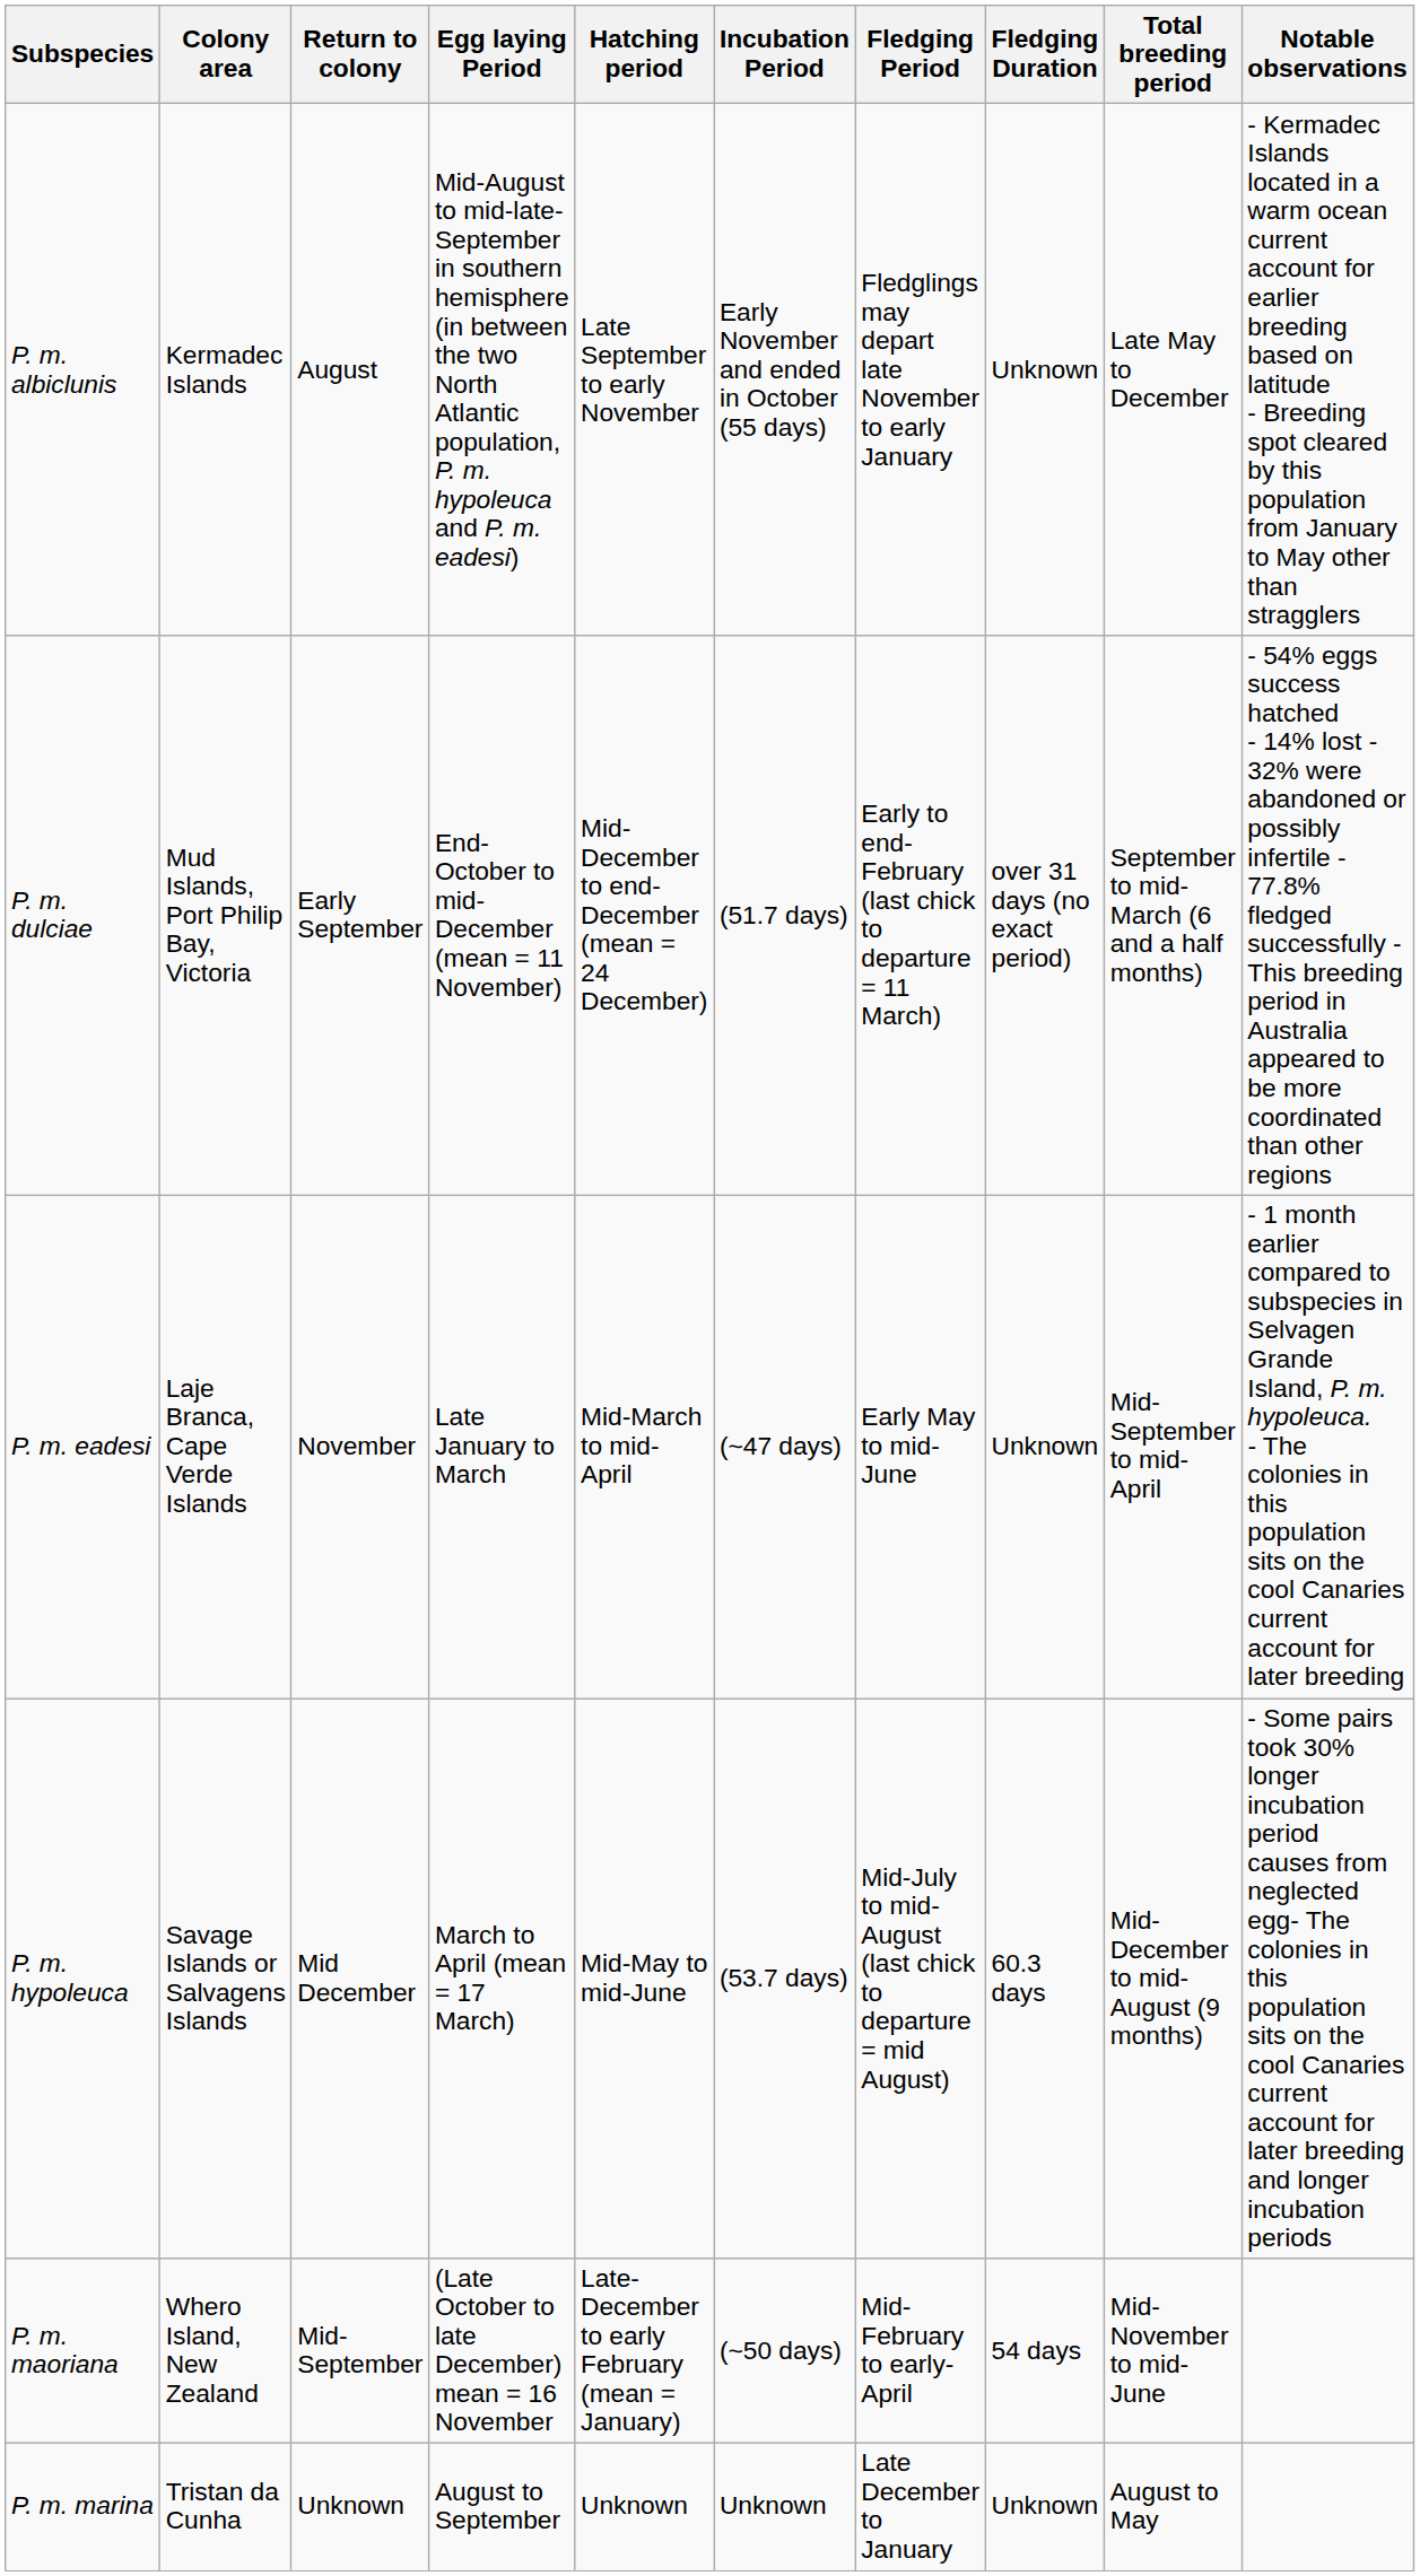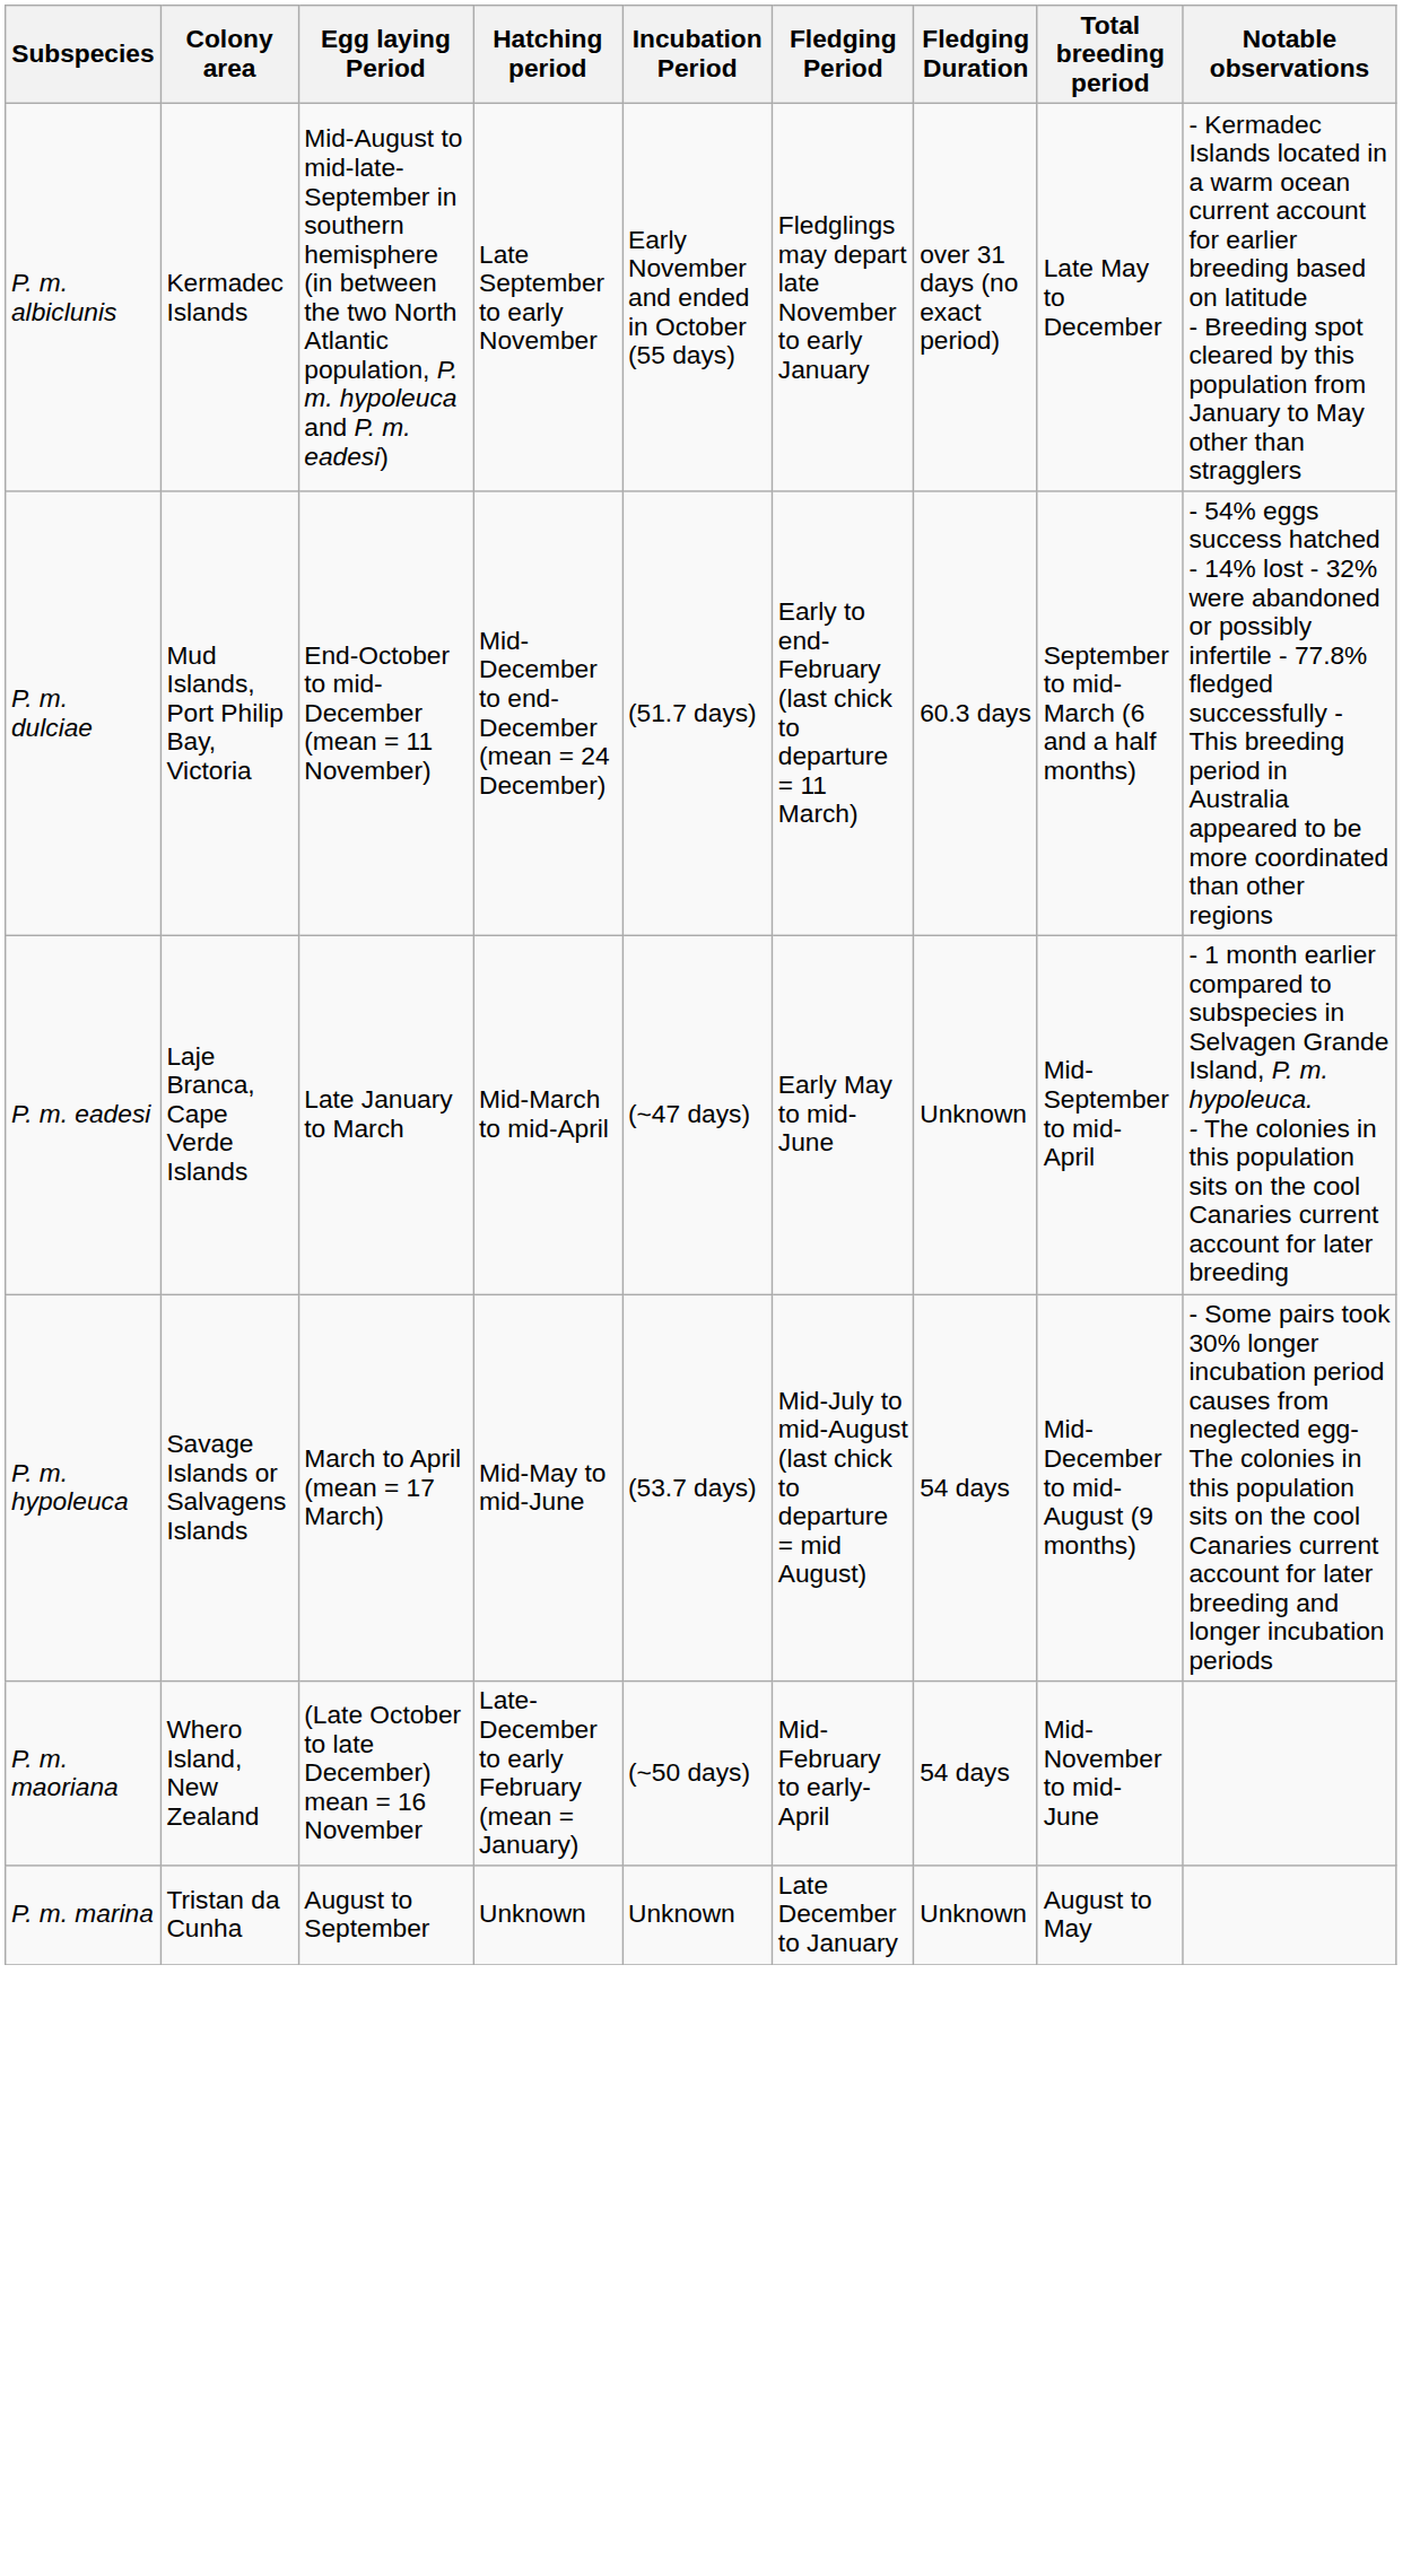 <table class="wikitable">
 <tr>
 <th>Subspecies</th>
 <th>Colony area</th>
-<th>Return to colony</th>
 <th>Egg laying Period</th>
 <th>Hatching period</th>
 <th>Incubation Period</th>
 <th>Fledging Period</th>
 <th>Fledging Duration</th>
 <th>Total breeding period</th>
 <th>Notable observations</th>
 </tr>
 <tr>
 <td><em>P. m. albiclunis</em></td>
 <td>Kermadec Islands</td>
-<td>August</td>
 <td>Mid-August to mid-late-September in southern hemisphere (in between the two North Atlantic population, <em>P. m. hypoleuca</em> and <em>P. m. eadesi</em>)</td>
 <td>Late September to early November</td>
 <td>Early November and ended in October (55 days)</td>
 <td>Fledglings may depart late November to early January</td>
-<td>Unknown</td>
+<td>over 31 days (no exact period)</td>
 <td>Late May to December </td>
 <td>- Kermadec Islands located in a warm ocean current account for earlier breeding based on latitude<br>- Breeding spot cleared by this population from January to May other than stragglers </td>
 </tr>
 <tr>
 <td><em>P. m. dulciae</em></td>
 <td>Mud Islands, Port Philip Bay, Victoria</td>
-<td>Early September</td>
 <td>End-October to mid-December (mean = 11 November)</td>
 <td>Mid-December to end-December (mean = 24 December)</td>
 <td>(51.7 days)</td>
 <td>Early to end-February (last chick to departure = 11 March)</td>
-<td>over 31 days (no exact period)</td>
+<td>60.3 days</td>
 <td>September to mid-March (6 and a half months)</td>
 <td>- 54% eggs success hatched<br>- 14% lost - 32% were abandoned or possibly infertile - 77.8% fledged successfully - This breeding period in Australia appeared to be more coordinated than other regions</td>
 </tr>
 <tr>
 <td><em>P. m. eadesi</em></td>
 <td>Laje Branca, Cape Verde Islands</td>
-<td>November</td>
 <td>Late January to March</td>
 <td>Mid-March to mid-April</td>
 <td>(~47 days)</td>
 <td>Early May to mid-June</td>
 <td>Unknown</td>
 <td>Mid-September to mid- April</td>
 <td>- 1 month earlier compared to subspecies in Selvagen Grande Island, <em>P. m. hypoleuca.</em><br><em>-</em> The colonies in this population sits on the cool Canaries current account for later breeding  </td>
 </tr>
 <tr>
 <td><em>P. m. hypoleuca</em></td>
 <td>Savage Islands or Salvagens Islands</td>
-<td>Mid December</td>
 <td>March to April  (mean = 17 March)</td>
 <td>Mid-May to mid-June</td>
 <td>(53.7 days)</td>
 <td>Mid-July to mid-August (last chick to departure = mid August)</td>
-<td>60.3 days</td>
+<td>54 days</td>
 <td>Mid-December to mid-August (9 months) </td>
 <td>- Some pairs took 30% longer incubation period causes from neglected egg- The colonies in this population sits on the cool Canaries current account for later breeding and longer incubation periods</td>
 </tr>
 <tr>
 <td><em>P. m. maoriana</em></td>
 <td>Whero Island, New Zealand</td>
-<td>Mid-September</td>
 <td>(Late October to late December) mean = 16 November</td>
 <td>Late-December to early February (mean = January)</td>
 <td>(~50 days)</td>
 <td>Mid-February to early-April </td>
 <td>54 days</td>
 <td>Mid-November to mid-June</td>
 <td></td>
 </tr>
 <tr>
 <td><em>P. m. marina</em></td>
 <td>Tristan da Cunha</td>
-<td>Unknown</td>
 <td>August to September</td>
 <td>Unknown</td>
 <td>Unknown</td>
 <td>Late December to January</td>
 <td>Unknown</td>
 <td>August to May</td>
 <td></td>
 </tr>
 </table>
